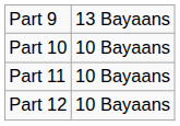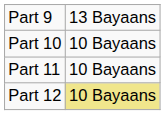 <table class="wikitable">
 <tr>
 <td>Part 9</td>
 <td>13 Bayaans</td>
 </tr>
 <tr>
 <td>Part 10</td>
 <td>10 Bayaans</td>
 </tr>
 <tr>
 <td>Part 11</td>
 <td>10 Bayaans</td>
 </tr>
 <tr>
 <td>Part 12</td>
-<td>10 Bayaans</td>
+<td style="background: khaki;">10 Bayaans</td>
 </tr>
 </table>
